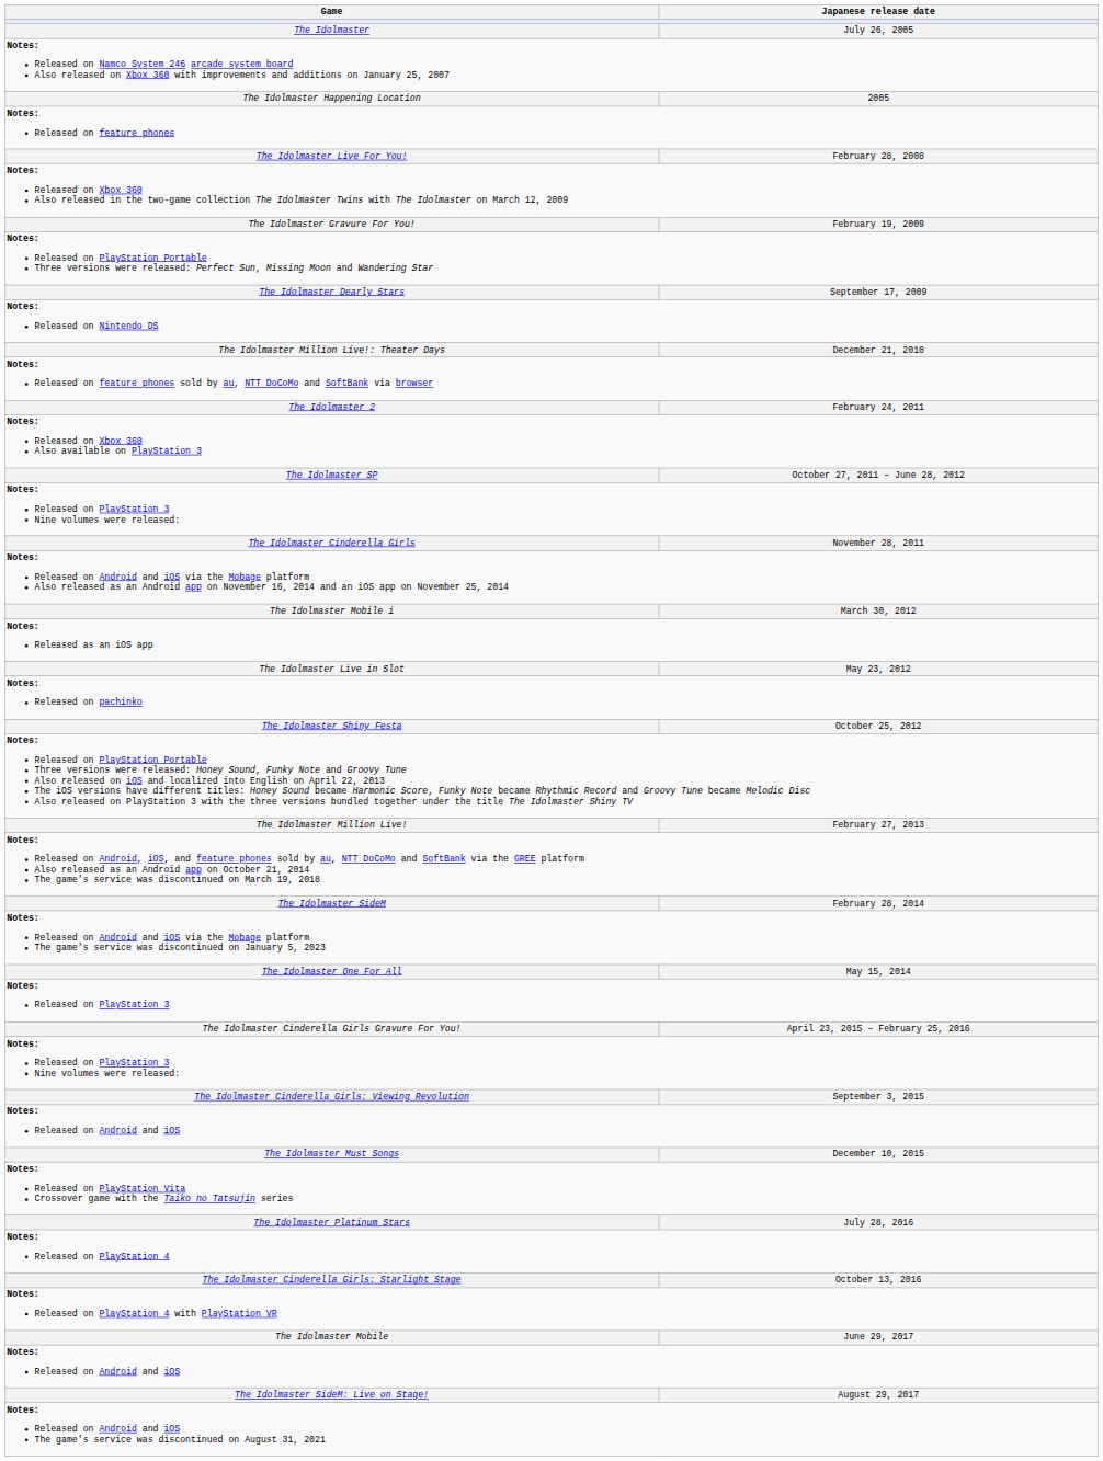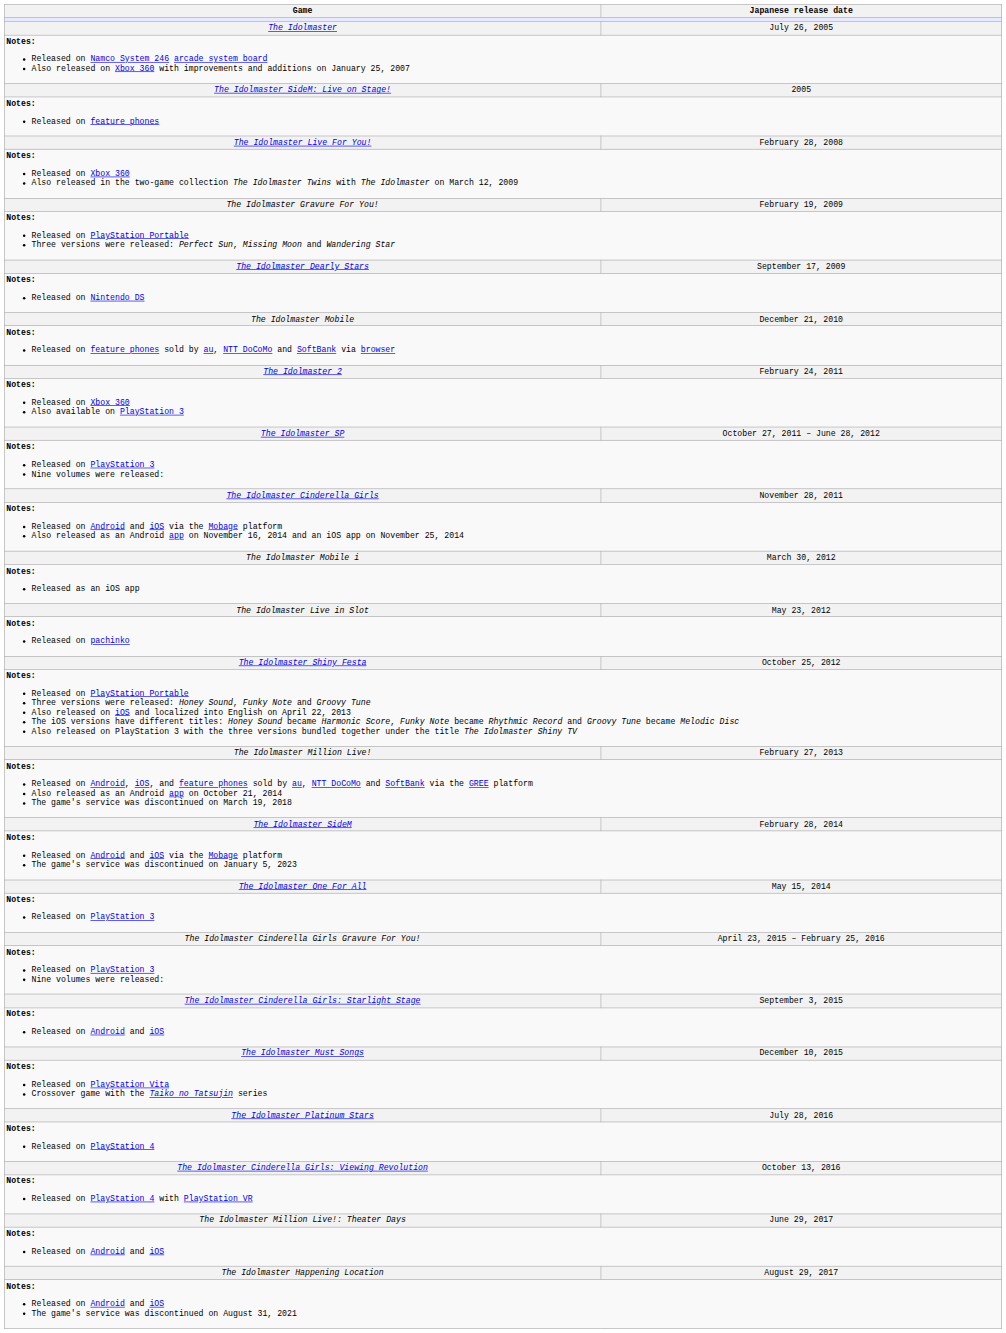 <table class="wikitable" width="100%">
 <tr style="text-align: center;">
 <th>Game</th>
 <th>Japanese release date</th>
 </tr>
 <tr>
 <td colspan="2" bgcolor="#e6e9ff"></td>
 </tr>
 <tr bgcolor="#F2F2F2" align="center">
 <td><em><a href='#'>The Idolmaster</a></em></td>
 <td>July 26, 2005</td>
 </tr>
 <tr>
 <td colspan="2" style="border: none; vertical-align: top;"><strong>Notes:</strong><br><ul><li>Released on <a href='#'>Namco System 246</a> <a href='#'>arcade system board</a></li><li>Also released on <a href='#'>Xbox 360</a> with improvements and additions on January 25, 2007</li></ul></td>
 </tr>
 <tr bgcolor="#F2F2F2" align="center">
-<td><em>The Idolmaster Happening Location</em></td>
+<td><em><a href='#'>The Idolmaster SideM: Live on Stage!</a></em></td>
 <td>2005</td>
 </tr>
 <tr>
 <td colspan="2" style="border: none; vertical-align: top;"><strong>Notes:</strong><br><ul><li>Released on <a href='#'>feature phones</a></li></ul></td>
 </tr>
 <tr bgcolor="#F2F2F2" align="center">
 <td><em><a href='#'>The Idolmaster Live For You!</a></em></td>
 <td>February 28, 2008</td>
 </tr>
 <tr>
 <td colspan="2" style="border: none; vertical-align: top;"><strong>Notes:</strong><br><ul><li>Released on <a href='#'>Xbox 360</a></li><li>Also released in the two-game collection <em>The Idolmaster Twins</em> with <em>The Idolmaster</em> on March 12, 2009</li></ul></td>
 </tr>
 <tr bgcolor="#F2F2F2" align="center">
 <td><em>The Idolmaster Gravure For You!</em></td>
 <td>February 19, 2009</td>
 </tr>
 <tr>
 <td colspan="2" style="border: none; vertical-align: top;"><strong>Notes:</strong><br><ul><li>Released on <a href='#'>PlayStation Portable</a></li><li>Three versions were released: <em>Perfect Sun</em>, <em>Missing Moon</em> and <em>Wandering Star</em></li></ul></td>
 </tr>
 <tr bgcolor="#F2F2F2" align="center">
 <td><em><a href='#'>The Idolmaster Dearly Stars</a></em></td>
 <td>September 17, 2009</td>
 </tr>
 <tr>
 <td colspan="2" style="border: none; vertical-align: top;"><strong>Notes:</strong><br><ul><li>Released on <a href='#'>Nintendo DS</a></li></ul></td>
 </tr>
 <tr bgcolor="#F2F2F2" align="center">
-<td><em>The Idolmaster Million Live!: Theater Days</em></td>
+<td><em>The Idolmaster Mobile</em></td>
 <td>December 21, 2010</td>
 </tr>
 <tr>
 <td colspan="2" style="border: none; vertical-align: top;"><strong>Notes:</strong><br><ul><li>Released on <a href='#'>feature phones</a> sold by <a href='#'>au</a>, <a href='#'>NTT DoCoMo</a> and <a href='#'>SoftBank</a> via <a href='#'>browser</a></li></ul></td>
 </tr>
 <tr bgcolor="#F2F2F2" align="center">
 <td><em><a href='#'>The Idolmaster 2</a></em></td>
 <td>February 24, 2011</td>
 </tr>
 <tr>
 <td colspan="2" style="border: none; vertical-align: top;"><strong>Notes:</strong><br><ul><li>Released on <a href='#'>Xbox 360</a></li><li>Also available on <a href='#'>PlayStation 3</a></li></ul></td>
 </tr>
 <tr bgcolor="#F2F2F2" align="center">
 <td><em><a href='#'>The Idolmaster SP</a></em></td>
 <td>October 27, 2011 – June 28, 2012</td>
 </tr>
 <tr>
 <td colspan="2" style="border: none; vertical-align: top;"><strong>Notes:</strong><br><ul><li>Released on <a href='#'>PlayStation 3</a></li><li>Nine volumes were released:</li></ul></td>
 </tr>
 <tr bgcolor="#F2F2F2" align="center">
 <td><em><a href='#'>The Idolmaster Cinderella Girls</a></em></td>
 <td>November 28, 2011</td>
 </tr>
 <tr>
 <td colspan="2" style="border: none; vertical-align: top;"><strong>Notes:</strong><br><ul><li>Released on <a href='#'>Android</a> and <a href='#'>iOS</a> via the <a href='#'>Mobage</a> platform</li><li>Also released as an Android <a href='#'>app</a> on November 16, 2014 and an iOS app on November 25, 2014</li></ul></td>
 </tr>
 <tr bgcolor="#F2F2F2" align="center">
 <td><em>The Idolmaster Mobile i</em></td>
 <td>March 30, 2012</td>
 </tr>
 <tr>
 <td colspan="2" style="border: none; vertical-align: top;"><strong>Notes:</strong><br><ul><li>Released as an iOS app</li></ul></td>
 </tr>
 <tr bgcolor="#F2F2F2" align="center">
 <td><em>The Idolmaster Live in Slot</em></td>
 <td>May 23, 2012</td>
 </tr>
 <tr>
 <td colspan="2" style="border: none; vertical-align: top;"><strong>Notes:</strong><br><ul><li>Released on <a href='#'>pachinko</a></li></ul></td>
 </tr>
 <tr bgcolor="#F2F2F2" align="center">
 <td><em><a href='#'>The Idolmaster Shiny Festa</a></em></td>
 <td>October 25, 2012</td>
 </tr>
 <tr>
 <td colspan="2" style="border: none; vertical-align: top;"><strong>Notes:</strong><br><ul><li>Released on <a href='#'>PlayStation Portable</a></li><li>Three versions were released: <em>Honey Sound</em>, <em>Funky Note</em> and <em>Groovy Tune</em></li><li>Also released on <a href='#'>iOS</a> and localized into English on April 22, 2013</li><li>The iOS versions have different titles: <em>Honey Sound</em> became <em>Harmonic Score</em>, <em>Funky Note</em> became <em>Rhythmic Record</em> and <em>Groovy Tune</em> became <em>Melodic Disc</em></li><li>Also released on PlayStation 3 with the three versions bundled together under the title <em>The Idolmaster Shiny TV</em></li></ul></td>
 </tr>
 <tr bgcolor="#F2F2F2" align="center">
 <td><em>The Idolmaster Million Live!</em></td>
 <td>February 27, 2013</td>
 </tr>
 <tr>
 <td colspan="2" style="border: none; vertical-align: top;"><strong>Notes:</strong><br><ul><li>Released on <a href='#'>Android</a>, <a href='#'>iOS</a>, and <a href='#'>feature phones</a> sold by <a href='#'>au</a>, <a href='#'>NTT DoCoMo</a> and <a href='#'>SoftBank</a> via the <a href='#'>GREE</a> platform</li><li>Also released as an Android <a href='#'>app</a> on October 21, 2014</li><li>The game's service was discontinued on March 19, 2018</li></ul></td>
 </tr>
 <tr bgcolor="#F2F2F2" align="center">
 <td><em><a href='#'>The Idolmaster SideM</a></em></td>
 <td>February 28, 2014</td>
 </tr>
 <tr>
 <td colspan="2" style="border: none; vertical-align: top;"><strong>Notes:</strong><br><ul><li>Released on <a href='#'>Android</a> and <a href='#'>iOS</a> via the <a href='#'>Mobage</a> platform</li><li>The game's service was discontinued on January 5, 2023</li></ul></td>
 </tr>
 <tr bgcolor="#F2F2F2" align="center">
 <td><em><a href='#'>The Idolmaster One For All</a></em></td>
 <td>May 15, 2014</td>
 </tr>
 <tr>
 <td colspan="2" style="border: none; vertical-align: top;"><strong>Notes:</strong><br><ul><li>Released on <a href='#'>PlayStation 3</a></li></ul></td>
 </tr>
 <tr bgcolor="#F2F2F2" align="center">
 <td><em>The Idolmaster Cinderella Girls Gravure For You!</em></td>
 <td>April 23, 2015 – February 25, 2016</td>
 </tr>
 <tr>
 <td colspan="2" style="border: none; vertical-align: top;"><strong>Notes:</strong><br><ul><li>Released on <a href='#'>PlayStation 3</a></li><li>Nine volumes were released:</li></ul></td>
 </tr>
 <tr bgcolor="#F2F2F2" align="center">
-<td><em><a href='#'>The Idolmaster Cinderella Girls: Viewing Revolution</a></em></td>
+<td><em><a href='#'>The Idolmaster Cinderella Girls: Starlight Stage</a></em></td>
 <td>September 3, 2015</td>
 </tr>
 <tr>
 <td colspan="2" style="border: none; vertical-align: top;"><strong>Notes:</strong><br><ul><li>Released on <a href='#'>Android</a> and <a href='#'>iOS</a></li></ul></td>
 </tr>
 <tr bgcolor="#F2F2F2" align="center">
 <td><em><a href='#'>The Idolmaster Must Songs</a></em></td>
 <td>December 10, 2015</td>
 </tr>
 <tr>
 <td colspan="2" style="border: none; vertical-align: top;"><strong>Notes:</strong><br><ul><li>Released on <a href='#'>PlayStation Vita</a></li><li>Crossover game with the <em><a href='#'>Taiko no Tatsujin</a></em> series</li></ul></td>
 </tr>
 <tr bgcolor="#F2F2F2" align="center">
 <td><em><a href='#'>The Idolmaster Platinum Stars</a></em></td>
 <td>July 28, 2016</td>
 </tr>
 <tr>
 <td colspan="2" style="border: none; vertical-align: top;"><strong>Notes:</strong><br><ul><li>Released on <a href='#'>PlayStation 4</a></li></ul></td>
 </tr>
 <tr bgcolor="#F2F2F2" align="center">
-<td><em><a href='#'>The Idolmaster Cinderella Girls: Starlight Stage</a></em></td>
+<td><em><a href='#'>The Idolmaster Cinderella Girls: Viewing Revolution</a></em></td>
 <td>October 13, 2016</td>
 </tr>
 <tr>
 <td colspan="2" style="border: none; vertical-align: top;"><strong>Notes:</strong><br><ul><li>Released on <a href='#'>PlayStation 4</a> with <a href='#'>PlayStation VR</a></li></ul></td>
 </tr>
 <tr bgcolor="#F2F2F2" align="center">
-<td><em>The Idolmaster Mobile</em></td>
+<td><em>The Idolmaster Million Live!: Theater Days</em></td>
 <td>June 29, 2017</td>
 </tr>
 <tr>
 <td colspan="2" style="border: none; vertical-align: top;"><strong>Notes:</strong><br><ul><li>Released on <a href='#'>Android</a> and <a href='#'>iOS</a></li></ul></td>
 </tr>
 <tr bgcolor="#F2F2F2" align="center">
-<td><em><a href='#'>The Idolmaster SideM: Live on Stage!</a></em></td>
+<td><em>The Idolmaster Happening Location</em></td>
 <td>August 29, 2017</td>
 </tr>
 <tr>
 <td colspan="2" style="border: none; vertical-align: top;"><strong>Notes:</strong><br><ul><li>Released on <a href='#'>Android</a> and <a href='#'>iOS</a></li><li>The game's service was discontinued on August 31, 2021</li></ul></td>
 </tr>
 </table>
